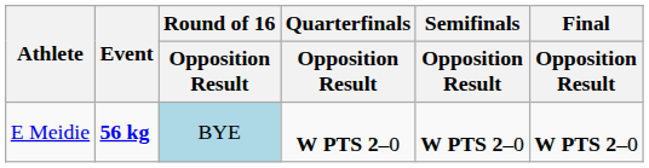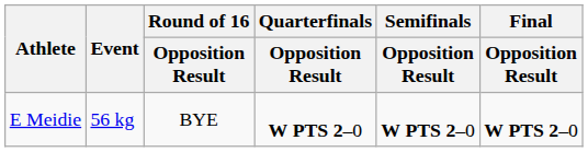 <table class="wikitable" style="font-size:90%;">
 <tr>
 <th rowspan=2>Athlete</th>
 <th rowspan=2>Event</th>
 <th>Round of 16</th>
 <th>Quarterfinals</th>
 <th>Semifinals</th>
 <th>Final</th>
 </tr>
 <tr>
 <th>Opposition<br>Result</th>
 <th>Opposition<br>Result</th>
 <th>Opposition<br>Result</th>
 <th>Opposition<br>Result</th>
 </tr>
 <tr>
 <td><a href='#'>E Meidie</a></td>
-<td><strong><a href='#'>56 kg</a></strong></td>
-<td align=center style="background: lightblue;">BYE</td>
+<td><a href='#'>56 kg</a></td>
+<td align=center>BYE</td>
 <td align=center><br><strong>W</strong> <strong>PTS</strong> <strong>2</strong>–0</td>
 <td align=center><br><strong>W</strong> <strong>PTS</strong> <strong>2</strong>–0</td>
 <td align=center><br><strong>W</strong> <strong>PTS</strong> <strong>2</strong>–0<br></td>
 </tr>
 </table>
